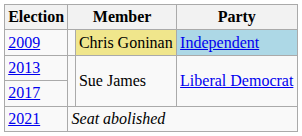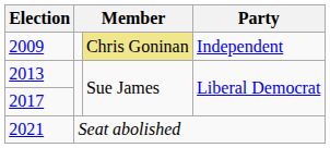 <table class="wikitable">
 <tr>
 <th>Election</th>
 <th colspan="2">Member</th>
 <th>Party</th>
 </tr>
 <tr>
 <td><a href='#'>2009</a></td>
 <td rowspan="1" style="background-color: "></td>
 <td rowspan="1" style="background: khaki;">Chris Goninan</td>
-<td rowspan="1" style="background: lightblue;"><a href='#'>Independent</a></td>
+<td rowspan="1"><a href='#'>Independent</a></td>
 </tr>
 <tr>
 <td><a href='#'>2013</a></td>
 <td rowspan="2" style="background-color: "></td>
 <td rowspan="2">Sue James</td>
 <td rowspan="2"><a href='#'>Liberal Democrat</a></td>
 </tr>
 <tr>
 <td><a href='#'>2017</a></td>
 </tr>
 <tr>
 <td><a href='#'>2021</a></td>
 <td colspan="3"><em>Seat abolished</em></td>
 </tr>
 </table>
